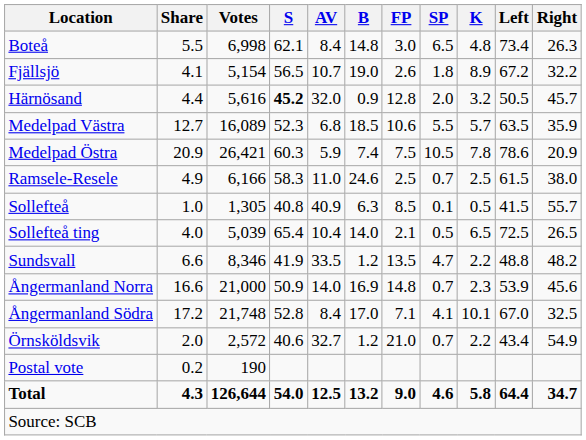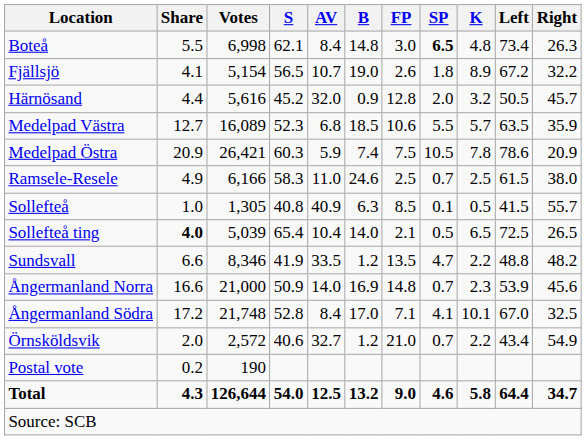 <table class="wikitable sortable" style=text-align:right>
 <tr>
 <th>Location</th>
 <th>Share</th>
 <th>Votes</th>
 <th><a href='#'>S</a></th>
 <th><a href='#'>AV</a></th>
 <th><a href='#'>B</a></th>
 <th><a href='#'>FP</a></th>
 <th><a href='#'>SP</a></th>
 <th><a href='#'>K</a></th>
 <th>Left</th>
 <th>Right</th>
 </tr>
 <tr>
 <td align=left><a href='#'>Boteå</a></td>
 <td>5.5</td>
 <td>6,998</td>
 <td>62.1</td>
 <td>8.4</td>
 <td>14.8</td>
 <td>3.0</td>
-<td>6.5</td>
+<td><strong>6.5</strong></td>
 <td>4.8</td>
 <td>73.4</td>
 <td>26.3</td>
 </tr>
 <tr>
 <td align=left><a href='#'>Fjällsjö</a></td>
 <td>4.1</td>
 <td>5,154</td>
 <td>56.5</td>
 <td>10.7</td>
 <td>19.0</td>
 <td>2.6</td>
 <td>1.8</td>
 <td>8.9</td>
 <td>67.2</td>
 <td>32.2</td>
 </tr>
 <tr>
 <td align=left><a href='#'>Härnösand</a></td>
 <td>4.4</td>
 <td>5,616</td>
-<td><strong>45.2</strong></td>
+<td>45.2</td>
 <td>32.0</td>
 <td>0.9</td>
 <td>12.8</td>
 <td>2.0</td>
 <td>3.2</td>
 <td>50.5</td>
 <td>45.7</td>
 </tr>
 <tr>
 <td align=left><a href='#'>Medelpad Västra</a></td>
 <td>12.7</td>
 <td>16,089</td>
 <td>52.3</td>
 <td>6.8</td>
 <td>18.5</td>
 <td>10.6</td>
 <td>5.5</td>
 <td>5.7</td>
 <td>63.5</td>
 <td>35.9</td>
 </tr>
 <tr>
 <td align=left><a href='#'>Medelpad Östra</a></td>
 <td>20.9</td>
 <td>26,421</td>
 <td>60.3</td>
 <td>5.9</td>
 <td>7.4</td>
 <td>7.5</td>
 <td>10.5</td>
 <td>7.8</td>
 <td>78.6</td>
 <td>20.9</td>
 </tr>
 <tr>
 <td align=left><a href='#'>Ramsele-Resele</a></td>
 <td>4.9</td>
 <td>6,166</td>
 <td>58.3</td>
 <td>11.0</td>
 <td>24.6</td>
 <td>2.5</td>
 <td>0.7</td>
 <td>2.5</td>
 <td>61.5</td>
 <td>38.0</td>
 </tr>
 <tr>
 <td align=left><a href='#'>Sollefteå</a></td>
 <td>1.0</td>
 <td>1,305</td>
 <td>40.8</td>
 <td>40.9</td>
 <td>6.3</td>
 <td>8.5</td>
 <td>0.1</td>
 <td>0.5</td>
 <td>41.5</td>
 <td>55.7</td>
 </tr>
 <tr>
 <td align=left><a href='#'>Sollefteå ting</a></td>
-<td>4.0</td>
+<td><strong>4.0</strong></td>
 <td>5,039</td>
 <td>65.4</td>
 <td>10.4</td>
 <td>14.0</td>
 <td>2.1</td>
 <td>0.5</td>
 <td>6.5</td>
 <td>72.5</td>
 <td>26.5</td>
 </tr>
 <tr>
 <td align=left><a href='#'>Sundsvall</a></td>
 <td>6.6</td>
 <td>8,346</td>
 <td>41.9</td>
 <td>33.5</td>
 <td>1.2</td>
 <td>13.5</td>
 <td>4.7</td>
 <td>2.2</td>
 <td>48.8</td>
 <td>48.2</td>
 </tr>
 <tr>
 <td align=left><a href='#'>Ångermanland Norra</a></td>
 <td>16.6</td>
 <td>21,000</td>
 <td>50.9</td>
 <td>14.0</td>
 <td>16.9</td>
 <td>14.8</td>
 <td>0.7</td>
 <td>2.3</td>
 <td>53.9</td>
 <td>45.6</td>
 </tr>
 <tr>
 <td align=left><a href='#'>Ångermanland Södra</a></td>
 <td>17.2</td>
 <td>21,748</td>
 <td>52.8</td>
 <td>8.4</td>
 <td>17.0</td>
 <td>7.1</td>
 <td>4.1</td>
 <td>10.1</td>
 <td>67.0</td>
 <td>32.5</td>
 </tr>
 <tr>
 <td align=left><a href='#'>Örnsköldsvik</a></td>
 <td>2.0</td>
 <td>2,572</td>
 <td>40.6</td>
 <td>32.7</td>
 <td>1.2</td>
 <td>21.0</td>
 <td>0.7</td>
 <td>2.2</td>
 <td>43.4</td>
 <td>54.9</td>
 </tr>
 <tr>
 <td align=left><a href='#'>Postal vote</a></td>
 <td>0.2</td>
 <td>190</td>
 <td></td>
 <td></td>
 <td></td>
 <td></td>
 <td></td>
 <td></td>
 <td></td>
 <td></td>
 </tr>
 <tr>
 <td align=left><strong>Total</strong></td>
 <td><strong>4.3</strong></td>
 <td><strong>126,644</strong></td>
 <td><strong>54.0</strong></td>
 <td><strong>12.5</strong></td>
 <td><strong>13.2</strong></td>
 <td><strong>9.0</strong></td>
 <td><strong>4.6</strong></td>
 <td><strong>5.8</strong></td>
 <td><strong>64.4</strong></td>
 <td><strong>34.7</strong></td>
 </tr>
 <tr>
 <td align=left colspan=11>Source: SCB </td>
 </tr>
 </table>
